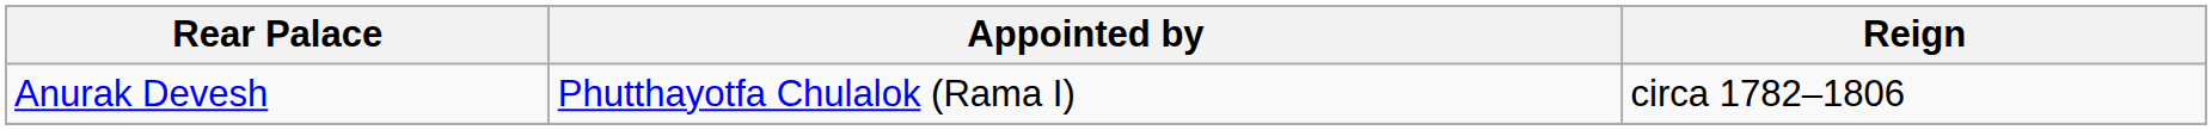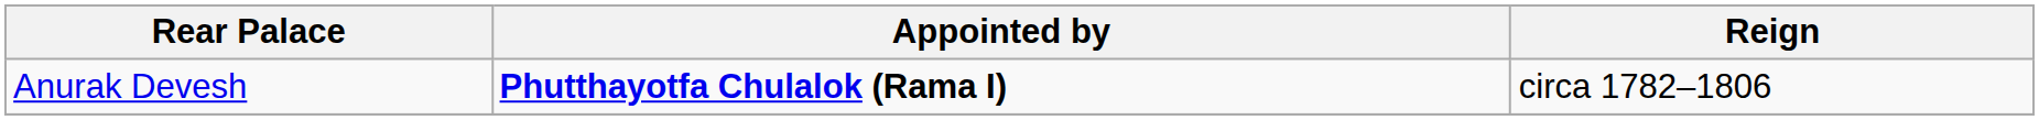 <table class="wikitable" border="1" width=60%>
 <tr>
 <th>Rear Palace</th>
 <th>Appointed by</th>
 <th>Reign</th>
 </tr>
 <tr>
 <td><a href='#'>Anurak Devesh</a></td>
-<td><a href='#'>Phutthayotfa Chulalok</a> (Rama I)</td>
+<td><strong><a href='#'>Phutthayotfa Chulalok</a> (Rama I)</strong></td>
 <td>circa 1782–1806</td>
 </tr>
 <tr>
 </tr>
 </table>
